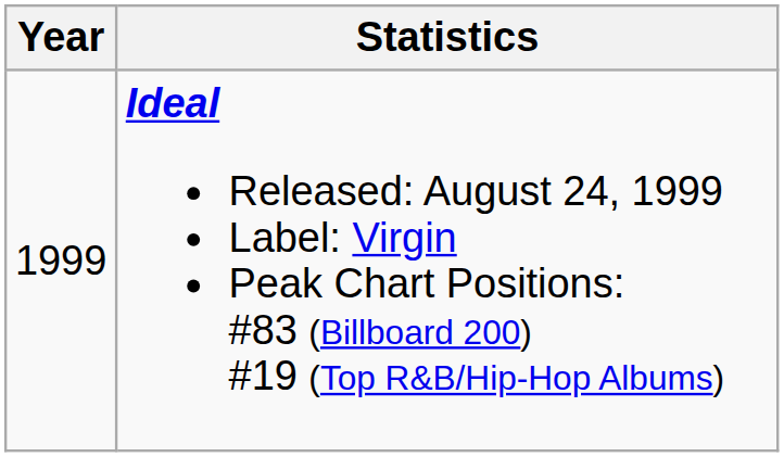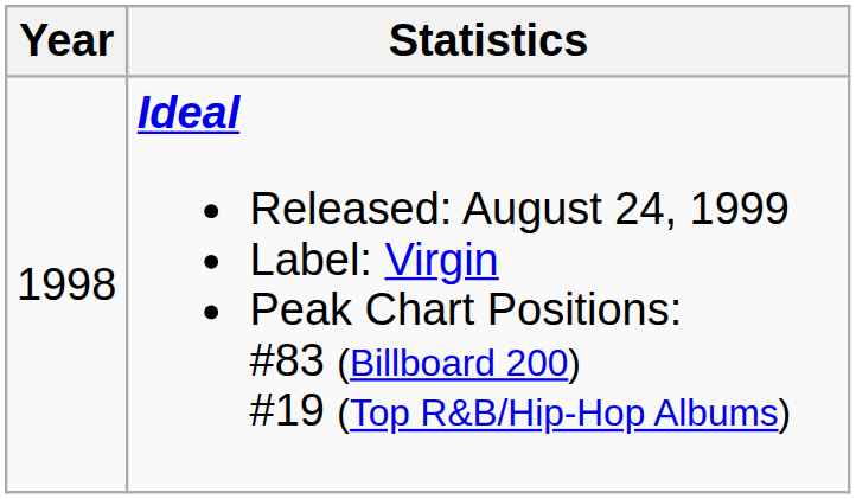 <table class="wikitable">
 <tr>
 <th>Year</th>
 <th>Statistics</th>
 </tr>
 <tr>
-<td>1999</td>
+<td>1998</td>
 <td width=250 align=><strong><em><a href='#'>Ideal</a></em></strong><br><ul><li>Released: August 24, 1999</li><li>Label: <a href='#'>Virgin</a></li><li>Peak Chart Positions:<br>#83 <small>(<a href='#'>Billboard 200</a>)</small><br>#19 <small>(<a href='#'>Top R&B/Hip-Hop Albums</a>)</small></li></ul></td>
 </tr>
 </table>
